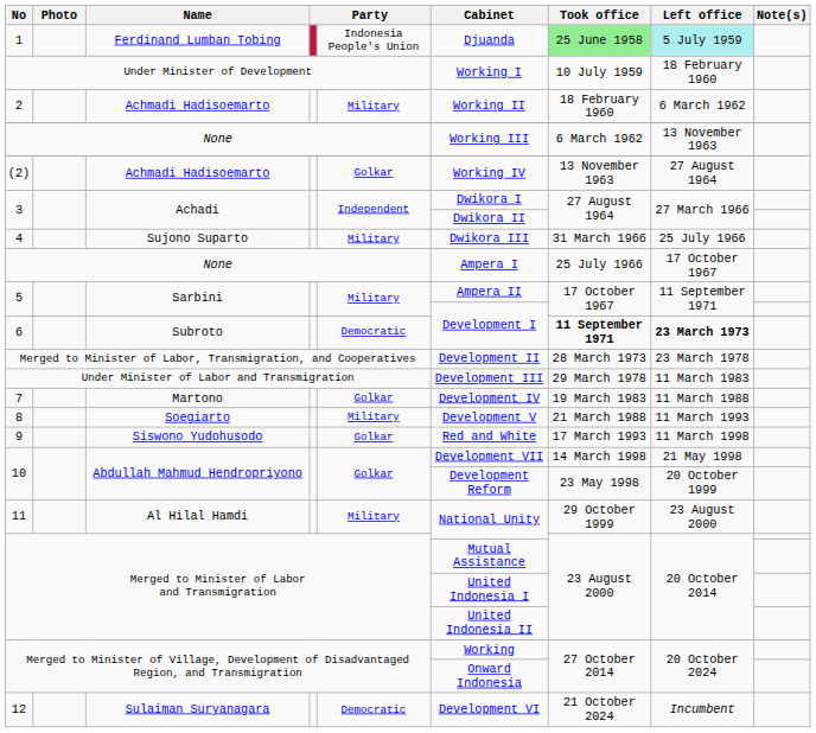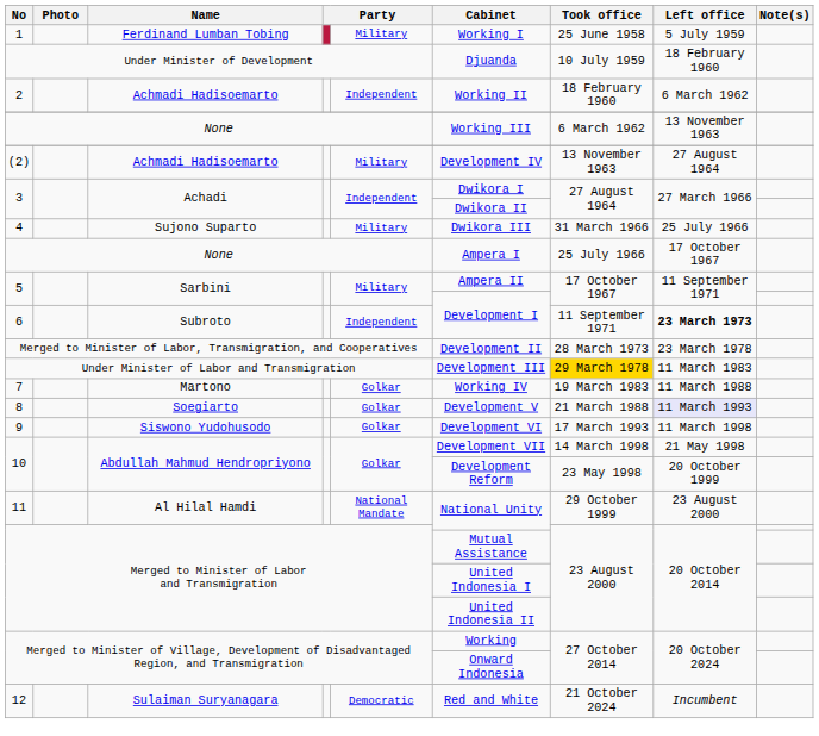 <table class="wikitable" style="text-align:center">
 <tr>
 <th>No</th>
 <th>Photo</th>
 <th>Name</th>
 <th colspan=2>Party</th>
 <th>Cabinet</th>
 <th>Took office</th>
 <th>Left office</th>
 <th>Note(s)</th>
 </tr>
 <tr>
 <td width=10>1</td>
 <td></td>
 <td><a href='#'>Ferdinand Lumban Tobing</a></td>
 <td bgcolor=#BB1840></td>
-<td style="font-size: 90%">Indonesia<br>People's Union</td>
-<td><a href='#'>Djuanda</a></td>
-<td style="background: lightgreen;">25 June 1958</td>
-<td style="background: paleturquoise;">5 July 1959</td>
+<td style="font-size: 90%"><a href='#'>Military</a></td>
+<td><a href='#'>Working I</a></td>
+<td>25 June 1958</td>
+<td>5 July 1959</td>
 <td></td>
 </tr>
 <tr>
 <td colspan=5 style="font-size: 90%">Under Minister of Development</td>
-<td><a href='#'>Working I</a></td>
+<td><a href='#'>Djuanda</a></td>
 <td>10 July 1959</td>
 <td>18 February 1960</td>
 <td></td>
 </tr>
 <tr>
 <td>2</td>
 <td></td>
 <td><a href='#'>Achmadi Hadisoemarto</a></td>
 <td bgcolor=></td>
-<td style="font-size: 90%"><a href='#'>Military</a></td>
+<td style="font-size: 90%"><a href='#'>Independent</a></td>
 <td><a href='#'>Working II</a></td>
 <td>18 February 1960</td>
 <td>6 March 1962</td>
 <td></td>
 </tr>
 <tr>
 </tr>
 <tr>
 <td colspan=5 align=center><em>None</em></td>
 <td><a href='#'>Working III</a></td>
 <td>6 March 1962</td>
 <td>13 November 1963</td>
 <td></td>
 </tr>
 <tr>
 </tr>
 <tr>
 <td>(2)</td>
 <td></td>
 <td><a href='#'>Achmadi Hadisoemarto</a></td>
 <td bgcolor=></td>
-<td style="font-size: 90%"><a href='#'>Golkar</a></td>
-<td><a href='#'>Working IV</a></td>
+<td style="font-size: 90%"><a href='#'>Military</a></td>
+<td><a href='#'>Development IV</a></td>
 <td>13 November 1963</td>
 <td>27 August 1964</td>
 <td></td>
 </tr>
 <tr>
 <td rowspan=2>3</td>
 <td rowspan=2></td>
 <td rowspan=2>Achadi</td>
 <td rowspan=2 bgcolor=></td>
 <td rowspan=2 style="font-size: 90%"><a href='#'>Independent</a></td>
 <td><a href='#'>Dwikora I</a></td>
 <td rowspan=2>27 August 1964</td>
 <td rowspan=2>27 March 1966</td>
 <td></td>
 </tr>
 <tr>
 <td><a href='#'>Dwikora II</a></td>
 <td></td>
 </tr>
 <tr>
 <td>4</td>
 <td></td>
 <td>Sujono Suparto</td>
 <td bgcolor=></td>
 <td style="font-size: 90%"><a href='#'>Military</a></td>
 <td><a href='#'>Dwikora III</a></td>
 <td>31 March 1966</td>
 <td>25 July 1966</td>
 <td></td>
 </tr>
 <tr>
 <td colspan=5 align=center><em>None</em></td>
 <td><a href='#'>Ampera I</a></td>
 <td>25 July 1966</td>
 <td>17 October 1967</td>
 <td></td>
 </tr>
 <tr>
 <td rowspan=2>5</td>
 <td rowspan=2></td>
 <td rowspan=2>Sarbini</td>
 <td rowspan=2 bgcolor=></td>
 <td rowspan=2 style="font-size: 90%"><a href='#'>Military</a></td>
 <td><a href='#'>Ampera II</a></td>
 <td rowspan=2>17 October 1967</td>
 <td rowspan=2>11 September 1971</td>
 <td></td>
 </tr>
 <tr>
 <td rowspan=2><a href='#'>Development I</a></td>
 <td></td>
 </tr>
 <tr>
 <td>6</td>
 <td></td>
 <td>Subroto</td>
 <td bgcolor=></td>
-<td style="font-size: 90%"><a href='#'>Democratic</a></td>
-<td><strong>11 September 1971</strong></td>
+<td style="font-size: 90%"><a href='#'>Independent</a></td>
+<td>11 September 1971</td>
 <td><strong>23 March 1973</strong></td>
 <td></td>
 </tr>
 <tr>
 <td colspan=5 style="font-size: 90%">Merged to Minister of Labor, Transmigration, and Cooperatives</td>
 <td><a href='#'>Development II</a></td>
 <td>28 March 1973</td>
 <td>23 March 1978</td>
 <td></td>
 </tr>
 <tr>
 <td colspan=5 style="font-size: 90%">Under Minister of Labor and Transmigration</td>
 <td><a href='#'>Development III</a></td>
-<td>29 March 1978</td>
+<td style="background: gold;">29 March 1978</td>
 <td>11 March 1983</td>
 <td></td>
 </tr>
 <tr>
 <td>7</td>
 <td></td>
 <td>Martono</td>
 <td bgcolor=></td>
 <td style="font-size: 90%"><a href='#'>Golkar</a></td>
-<td><a href='#'>Development IV</a></td>
+<td><a href='#'>Working IV</a></td>
 <td>19 March 1983</td>
 <td>11 March 1988</td>
 <td></td>
 </tr>
 <tr>
 <td>8</td>
 <td></td>
 <td><a href='#'>Soegiarto</a></td>
 <td bgcolor=></td>
-<td style="font-size: 90%"><a href='#'>Military</a></td>
+<td style="font-size: 90%"><a href='#'>Golkar</a></td>
 <td><a href='#'>Development V</a></td>
 <td>21 March 1988</td>
-<td>11 March 1993</td>
+<td style="background: lavender;">11 March 1993</td>
 <td></td>
 </tr>
 <tr>
 <td>9</td>
 <td></td>
 <td><a href='#'>Siswono Yudohusodo</a></td>
 <td bgcolor=></td>
 <td style="font-size: 90%"><a href='#'>Golkar</a></td>
-<td><a href='#'>Red and White</a></td>
+<td><a href='#'>Development VI</a></td>
 <td>17 March 1993</td>
 <td>11 March 1998</td>
 <td></td>
 </tr>
 <tr>
 <td rowspan=2>10</td>
 <td rowspan=2></td>
 <td rowspan=2><a href='#'>Abdullah Mahmud Hendropriyono</a></td>
 <td rowspan=2 bgcolor=></td>
 <td rowspan=2 style="font-size: 90%"><a href='#'>Golkar</a></td>
 <td><a href='#'>Development VII</a></td>
 <td>14 March 1998</td>
 <td>21 May 1998</td>
 <td></td>
 </tr>
 <tr>
 <td><a href='#'>Development Reform</a></td>
 <td>23 May 1998</td>
 <td>20 October 1999</td>
 <td></td>
 </tr>
 <tr>
 <td>11</td>
 <td></td>
 <td>Al Hilal Hamdi</td>
 <td bgcolor=></td>
-<td style="font-size: 90%"><a href='#'>Military</a></td>
+<td style="font-size: 90%"><a href='#'>National<br>Mandate</a></td>
 <td rowspan=2><a href='#'>National Unity</a></td>
 <td>29 October 1999</td>
 <td>23 August 2000</td>
 <td></td>
 </tr>
 <tr>
 <td colspan=5 rowspan=4 style="font-size: 90%">Merged to Minister of Labor<br>and Transmigration</td>
 <td rowspan=4>23 August 2000</td>
 <td rowspan=4>20 October 2014</td>
 <td></td>
 </tr>
 <tr>
 <td><a href='#'>Mutual Assistance</a></td>
 <td></td>
 </tr>
 <tr>
 <td><a href='#'>United Indonesia I</a></td>
 <td></td>
 </tr>
 <tr>
 <td><a href='#'>United Indonesia II</a></td>
 <td></td>
 </tr>
 <tr>
 <td colspan=5 rowspan=2 style="font-size: 90%">Merged to Minister of Village, Development of Disadvantaged Region, and Transmigration</td>
 <td><a href='#'>Working</a></td>
 <td rowspan=2>27 October 2014</td>
 <td rowspan=2>20 October 2024</td>
 <td></td>
 </tr>
 <tr>
 <td><a href='#'>Onward Indonesia</a></td>
 <td></td>
 </tr>
 <tr>
 <td>12</td>
 <td></td>
 <td><a href='#'>Sulaiman Suryanagara</a></td>
 <td bgcolor=></td>
 <td style="font-size: 90%"><a href='#'>Democratic</a></td>
-<td><a href='#'>Development VI</a></td>
+<td><a href='#'>Red and White</a></td>
 <td>21 October 2024</td>
 <td><em>Incumbent</em></td>
 <td></td>
 </tr>
 </table>
